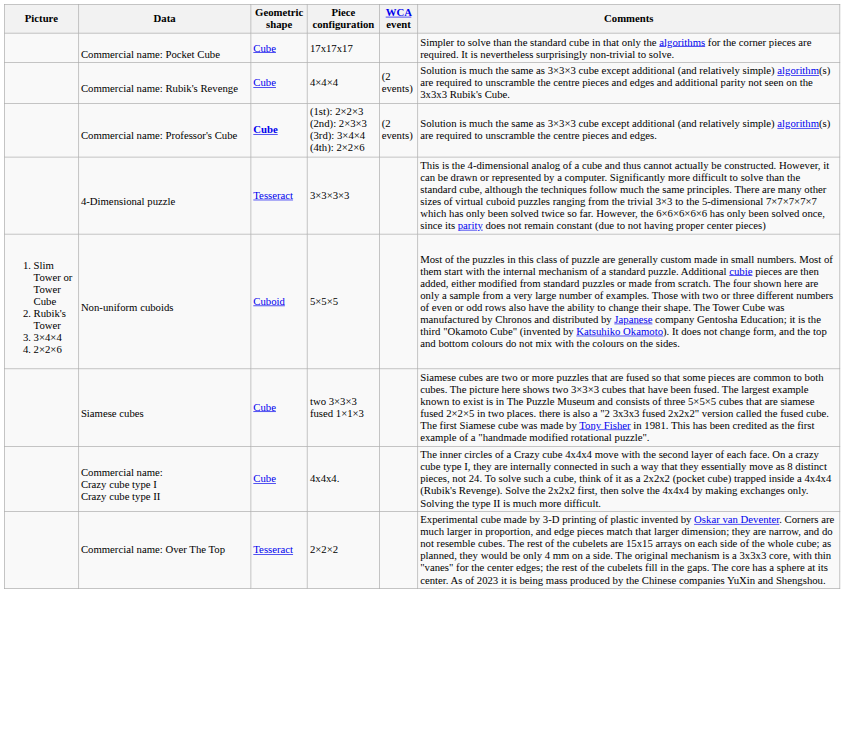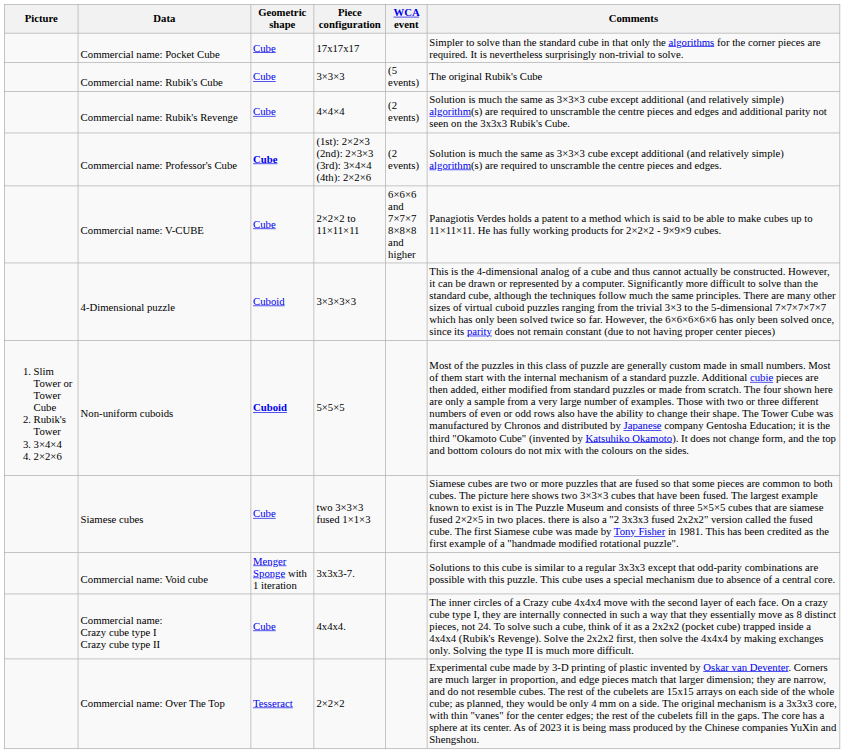 <table class="wikitable">
 <tr>
 <th>Picture</th>
 <th width="250">Data</th>
 <th>Geometric shape</th>
 <th>Piece configuration</th>
 <th><a href='#'>WCA</a> event</th>
 <th>Comments</th>
 </tr>
 <tr>
 <td></td>
 <td><br>Commercial name: Pocket Cube </td>
 <td><a href='#'>Cube</a></td>
 <td>17x17x17</td>
 <td></td>
 <td>Simpler to solve than the standard cube in that only the <a href='#'>algorithms</a> for the corner pieces are required. It is nevertheless surprisingly non-trivial to solve.</td>
 </tr>
 <tr>
 <td></td>
+<td><br>Commercial name: Rubik's Cube </td>
+<td><a href='#'>Cube</a></td>
+<td>3×3×3</td>
+<td>(5 events)</td>
+<td>The original Rubik's Cube</td>
+</tr>
+<tr>
+<td></td>
 <td><br>Commercial name: Rubik's Revenge </td>
 <td><a href='#'>Cube</a></td>
 <td>4×4×4</td>
 <td>(2 events)</td>
 <td>Solution is much the same as 3×3×3 cube except additional (and relatively simple) <a href='#'>algorithm</a>(s) are required to unscramble the centre pieces and edges and additional parity not seen on the 3x3x3 Rubik's Cube.</td>
 </tr>
 <tr>
 <td></td>
 <td><br>Commercial name: Professor's Cube </td>
 <td><strong><a href='#'>Cube</a></strong></td>
 <td>(1st): 2×2×3<br>(2nd): 2×3×3<br>(3rd): 3×4×4<br>(4th): 2×2×6</td>
 <td>(2 events)</td>
 <td>Solution is much the same as 3×3×3 cube except additional (and relatively simple) <a href='#'>algorithm</a>(s) are required to unscramble the centre pieces and edges.</td>
 </tr>
 <tr>
 <td></td>
+<td><br>Commercial name: V-CUBE </td>
+<td><a href='#'>Cube</a></td>
+<td>2×2×2 to 11×11×11</td>
+<td>6×6×6 and 7×7×7 <br>8×8×8 and higher </td>
+<td>Panagiotis Verdes holds a patent to a method which is said to be able to make cubes up to 11×11×11. He has fully working products for 2×2×2 - 9×9×9 cubes.</td>
+</tr>
+<tr>
+<td></td>
 <td><br>4-Dimensional puzzle </td>
-<td><a href='#'>Tesseract</a></td>
+<td><a href='#'>Cuboid</a></td>
 <td>3×3×3×3</td>
 <td></td>
 <td>This is the 4-dimensional analog of a cube and thus cannot actually be constructed. However, it can be drawn or represented by a computer. Significantly more difficult to solve than the standard cube, although the techniques follow much the same principles. There are many other sizes of virtual cuboid puzzles ranging from the trivial 3×3 to the 5-dimensional 7×7×7×7×7 which has only been solved twice so far. However, the 6×6×6×6×6 has only been solved once, since its <a href='#'>parity</a> does not remain constant (due to not having proper center pieces)</td>
 </tr>
 <tr>
 <td><br><ol><li>Slim Tower or Tower Cube</li><li>Rubik's Tower</li><li>3×4×4</li><li>2×2×6</li></ol></td>
 <td><br>Non-uniform cuboids</td>
-<td><a href='#'>Cuboid</a></td>
+<td><strong><a href='#'>Cuboid</a></strong></td>
 <td>5×5×5</td>
 <td></td>
 <td><span></span>Most of the puzzles in this class of puzzle are generally custom made in small numbers. Most of them start with the internal mechanism of a standard puzzle. Additional <a href='#'>cubie</a> pieces are then added, either modified from standard puzzles or made from scratch. The four shown here are only a sample from a very large number of examples. Those with two or three different numbers of even or odd rows also have the ability to change their shape. The Tower Cube was manufactured by Chronos and distributed by <a href='#'>Japanese</a> company Gentosha Education; it is the third "Okamoto Cube" (invented by <a href='#'>Katsuhiko Okamoto</a>). It does not change form, and the top and bottom colours do not mix with the colours on the sides.</td>
 </tr>
 <tr>
 <td></td>
 <td><br>Siamese cubes</td>
 <td><a href='#'>Cube</a></td>
 <td>two 3×3×3 fused 1×1×3</td>
 <td></td>
 <td>Siamese cubes are two or more puzzles that are fused so that some pieces are common to both cubes. The picture here shows two 3×3×3 cubes that have been fused. The largest example known to exist is in The Puzzle Museum  and consists of three 5×5×5 cubes that are siamese fused 2×2×5 in two places. there is also a "2 3x3x3 fused 2x2x2" version called the fused cube. The first Siamese cube was made by <a href='#'>Tony Fisher</a> in 1981. This has been credited as the first example of a "handmade modified rotational puzzle".</td>
+</tr>
+<tr>
+<td></td>
+<td><br>Commercial name: Void cube</td>
+<td><a href='#'>Menger Sponge</a> with 1 iteration</td>
+<td>3x3x3-7.</td>
+<td></td>
+<td>Solutions to this cube is similar to a regular 3x3x3 except that odd-parity combinations are possible with this puzzle. This cube uses a special mechanism due to absence of a central core.</td>
 </tr>
 <tr>
 <td></td>
 <td><br>Commercial name:<br> Crazy cube type I<br> Crazy cube type II</td>
 <td><a href='#'>Cube</a></td>
 <td>4x4x4.</td>
 <td></td>
 <td>The inner circles of a Crazy cube 4x4x4 move with the second layer of each face. On a crazy cube type I, they are internally connected in such a way that they essentially move as 8 distinct pieces, not 24. To solve such a cube, think of it as a 2x2x2 (pocket cube) trapped inside a 4x4x4 (Rubik's Revenge). Solve the 2x2x2 first, then solve the 4x4x4 by making exchanges only. Solving the type II is much more difficult.</td>
 </tr>
 <tr>
 <td></td>
 <td>Commercial name: Over The Top</td>
 <td><a href='#'>Tesseract</a></td>
 <td>2×2×2</td>
 <td></td>
 <td>Experimental cube made by 3-D printing of plastic invented by <a href='#'>Oskar van Deventer</a>. Corners are much larger in proportion, and edge pieces match that larger dimension; they are narrow, and do not resemble cubes. The rest of the cubelets are 15x15 arrays on each side of the whole cube; as planned, they would be only 4 mm on a side. The original mechanism is a 3x3x3 core, with thin "vanes" for the center edges; the rest of the cubelets fill in the gaps. The core has a sphere at its center. As of 2023 it is being mass produced by the Chinese companies YuXin and Shengshou.</td>
 </tr>
 </table>
